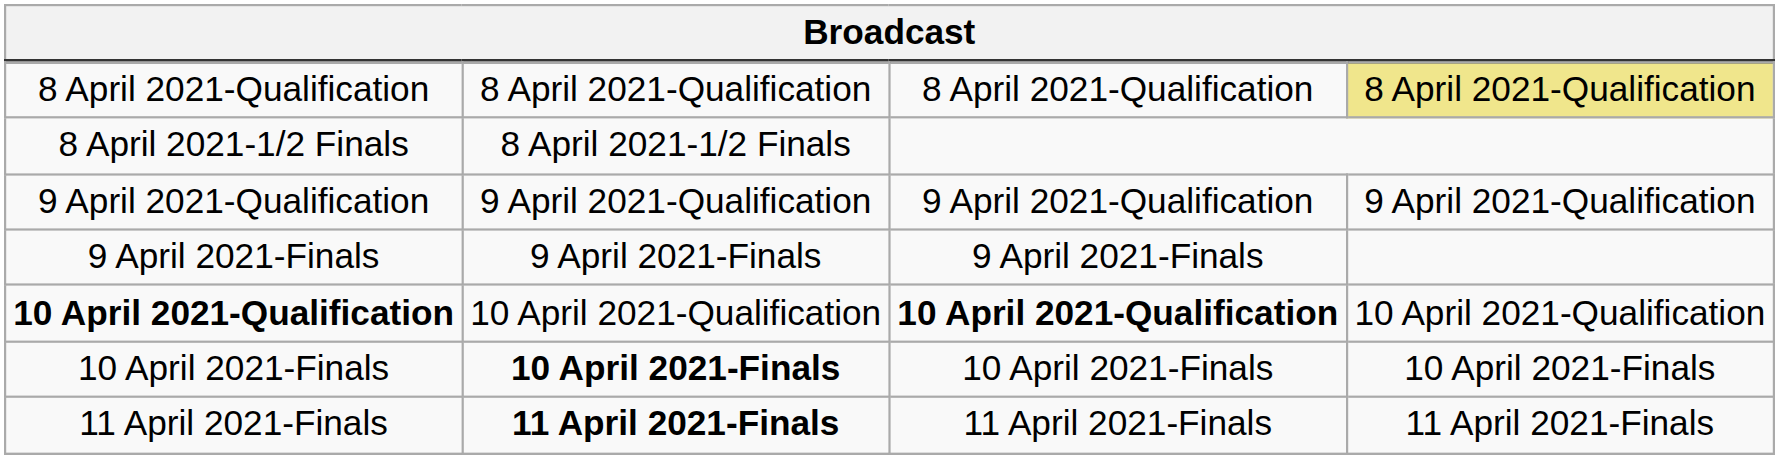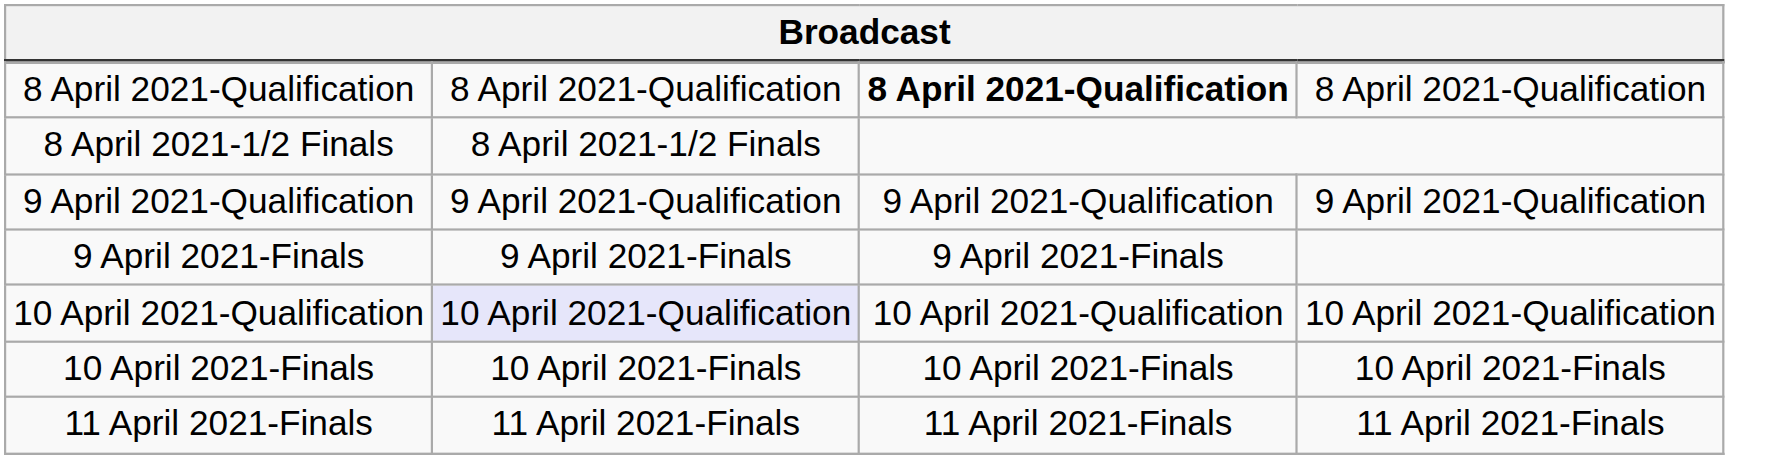 <table class=wikitable style="text-align:center;">
 <tr>
 <th colspan=4>Broadcast</th>
 </tr>
 <tr style="border-top: 2px solid #333333;">
 </tr>
 <tr>
 <td>8 April 2021-Qualification </td>
 <td>8 April 2021-Qualification </td>
+<td><strong>8 April 2021-Qualification </strong></td>
 <td>8 April 2021-Qualification </td>
-<td style="background: khaki;">8 April 2021-Qualification </td>
 </tr>
 <tr>
 <td>8 April 2021-1/2 Finals </td>
 <td>8 April 2021-1/2 Finals </td>
 </tr>
 <tr>
 <td>9 April 2021-Qualification </td>
 <td>9 April 2021-Qualification </td>
 <td>9 April 2021-Qualification </td>
 <td>9 April 2021-Qualification </td>
 </tr>
 <tr>
 <td>9 April 2021-Finals </td>
 <td>9 April 2021-Finals </td>
 <td>9 April 2021-Finals </td>
 </tr>
 <tr>
-<td><strong>10 April 2021-Qualification </strong></td>
 <td>10 April 2021-Qualification </td>
-<td><strong>10 April 2021-Qualification </strong></td>
+<td style="background: lavender;">10 April 2021-Qualification </td>
+<td>10 April 2021-Qualification </td>
 <td>10 April 2021-Qualification </td>
 </tr>
 <tr>
 <td>10 April 2021-Finals </td>
-<td><strong>10 April 2021-Finals </strong></td>
+<td>10 April 2021-Finals </td>
 <td>10 April 2021-Finals </td>
 <td>10 April 2021-Finals </td>
 </tr>
 <tr>
 <td>11 April 2021-Finals </td>
-<td><strong>11 April 2021-Finals </strong></td>
+<td>11 April 2021-Finals </td>
 <td>11 April 2021-Finals </td>
 <td>11 April 2021-Finals </td>
 </tr>
 <tr>
 </tr>
 </table>
